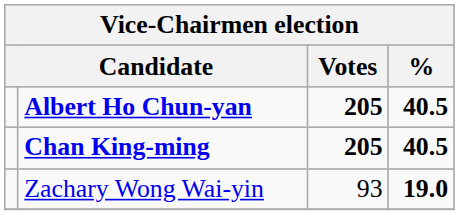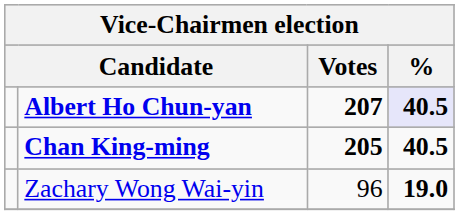 <table class="wikitable" style="text-align:right; width:280px">
 <tr>
 <th colspan=4>Vice-Chairmen election </th>
 </tr>
 <tr>
 <th colspan=2>Candidate</th>
 <th>Votes</th>
 <th>%</th>
 </tr>
 <tr>
 <td></td>
 <td align=left><strong><a href='#'>Albert Ho Chun-yan</a></strong></td>
-<td><strong>205</strong></td>
-<td><strong>40.5</strong></td>
+<td><strong>207</strong></td>
+<td style="background: lavender;"><strong>40.5</strong></td>
 </tr>
 <tr>
 <td></td>
 <td align=left><strong><a href='#'>Chan King-ming</a></strong></td>
 <td><strong>205</strong></td>
 <td><strong>40.5</strong></td>
 </tr>
 <tr>
 <td></td>
 <td align=left><a href='#'>Zachary Wong Wai-yin</a></td>
-<td>93</td>
+<td>96</td>
 <td><strong>19.0</strong></td>
 </tr>
 <tr>
 </tr>
 </table>
